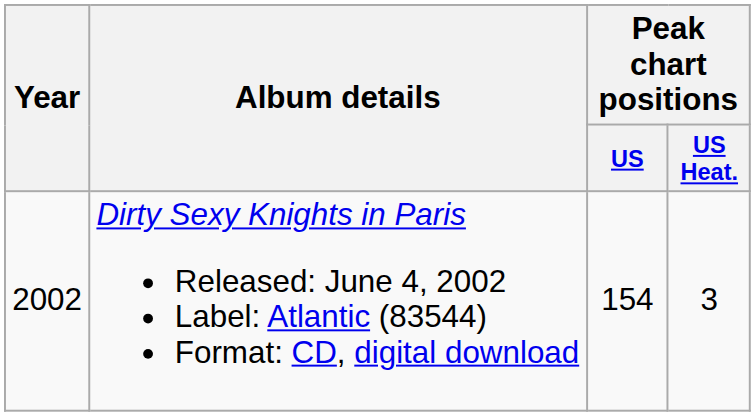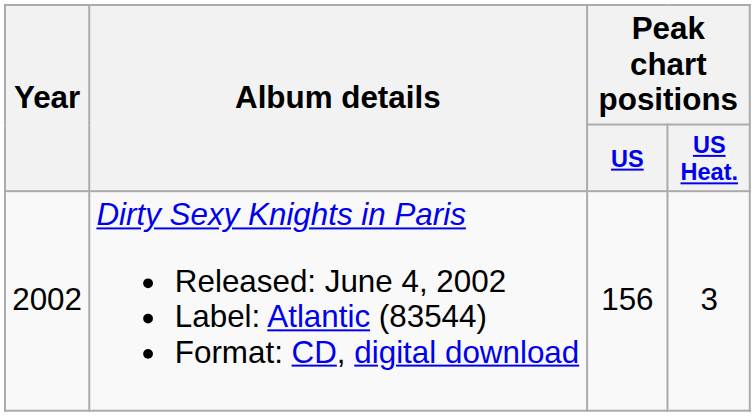 <table class="wikitable">
 <tr>
 <th rowspan="2">Year</th>
 <th rowspan="2">Album details</th>
 <th colspan="2">Peak chart positions</th>
 </tr>
 <tr>
 <th style="width:3em;font-size:75%"><a href='#'>US</a><br></th>
 <th style="width:3em;font-size:75%"><a href='#'>US<br>Heat.</a><br></th>
 </tr>
 <tr>
 <td>2002</td>
 <td style="text-align:left;"><em><a href='#'>Dirty Sexy Knights in Paris</a></em><br><ul><li>Released: June 4, 2002</li><li>Label: <a href='#'>Atlantic</a> (83544)</li><li>Format: <a href='#'>CD</a>, <a href='#'>digital download</a></li></ul></td>
-<td style="text-align:center;">154</td>
+<td style="text-align:center;">156</td>
 <td style="text-align:center;">3</td>
 </tr>
 </table>
